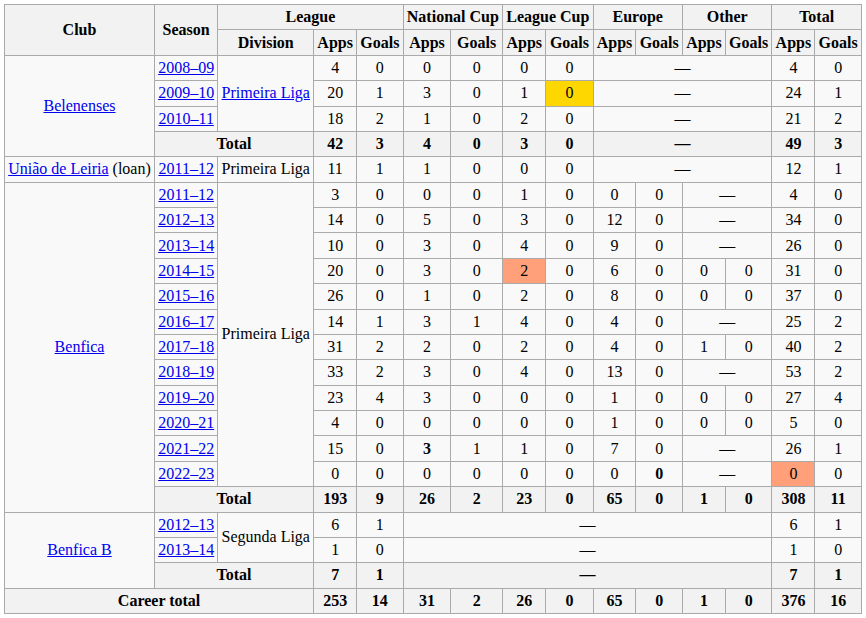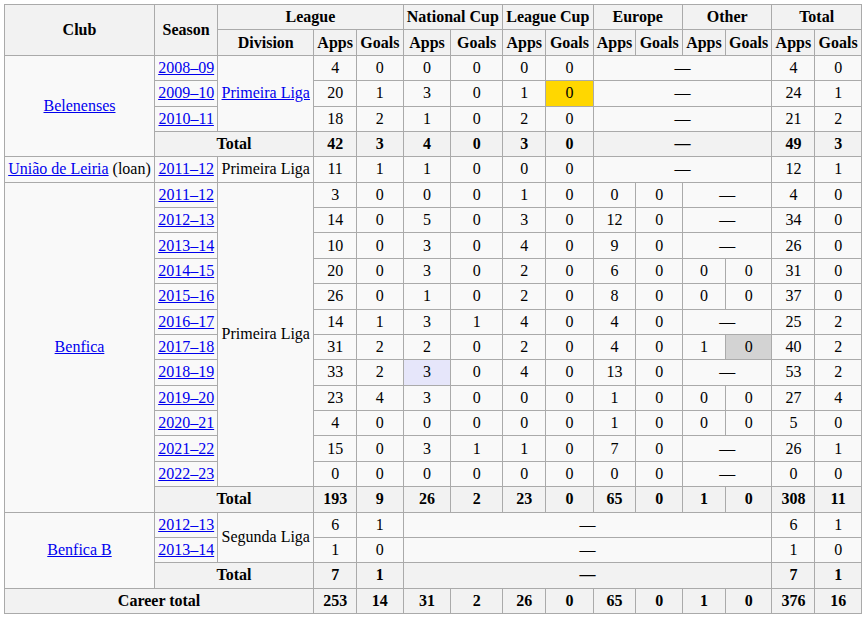 <table class="wikitable" style="text-align: center;">
 <tr>
 <th rowspan="2">Club</th>
 <th rowspan="2">Season</th>
 <th colspan="3">League</th>
 <th colspan="2">National Cup</th>
 <th colspan="2">League Cup</th>
 <th colspan="2">Europe</th>
 <th colspan="2">Other</th>
 <th colspan="2">Total</th>
 </tr>
 <tr>
 <th>Division</th>
 <th>Apps</th>
 <th>Goals</th>
 <th>Apps</th>
 <th>Goals</th>
 <th>Apps</th>
 <th>Goals</th>
 <th>Apps</th>
 <th>Goals</th>
 <th>Apps</th>
 <th>Goals</th>
 <th>Apps</th>
 <th>Goals</th>
 </tr>
 <tr>
 <td rowspan="4"><a href='#'>Belenenses</a></td>
 <td><a href='#'>2008–09</a></td>
 <td rowspan="3"><a href='#'>Primeira Liga</a></td>
 <td>4</td>
 <td>0</td>
 <td>0</td>
 <td>0</td>
 <td>0</td>
 <td>0</td>
 <td colspan="4">—</td>
 <td>4</td>
 <td>0</td>
 </tr>
 <tr>
 <td><a href='#'>2009–10</a></td>
 <td>20</td>
 <td>1</td>
 <td>3</td>
 <td>0</td>
 <td>1</td>
 <td style="background: gold;">0</td>
 <td colspan="4">—</td>
 <td>24</td>
 <td>1</td>
 </tr>
 <tr>
 <td><a href='#'>2010–11</a></td>
 <td>18</td>
 <td>2</td>
 <td>1</td>
 <td>0</td>
 <td>2</td>
 <td>0</td>
 <td colspan="4">—</td>
 <td>21</td>
 <td>2</td>
 </tr>
 <tr>
 <th colspan="2">Total</th>
 <th>42</th>
 <th>3</th>
 <th>4</th>
 <th>0</th>
 <th>3</th>
 <th>0</th>
 <th colspan="4">—</th>
 <th>49</th>
 <th>3</th>
 </tr>
 <tr>
 <td><a href='#'>União de Leiria</a> (loan)</td>
 <td><a href='#'>2011–12</a></td>
 <td>Primeira Liga</td>
 <td>11</td>
 <td>1</td>
 <td>1</td>
 <td>0</td>
 <td>0</td>
 <td>0</td>
 <td colspan="4">—</td>
 <td>12</td>
 <td>1</td>
 </tr>
 <tr>
 <td rowspan="13"><a href='#'>Benfica</a></td>
 <td><a href='#'>2011–12</a></td>
 <td rowspan="12">Primeira Liga</td>
 <td>3</td>
 <td>0</td>
 <td>0</td>
 <td>0</td>
 <td>1</td>
 <td>0</td>
 <td>0</td>
 <td>0</td>
 <td colspan="2">—</td>
 <td>4</td>
 <td>0</td>
 </tr>
 <tr>
 <td><a href='#'>2012–13</a></td>
 <td>14</td>
 <td>0</td>
 <td>5</td>
 <td>0</td>
 <td>3</td>
 <td>0</td>
 <td>12</td>
 <td>0</td>
 <td colspan="2">—</td>
 <td>34</td>
 <td>0</td>
 </tr>
 <tr>
 <td><a href='#'>2013–14</a></td>
 <td>10</td>
 <td>0</td>
 <td>3</td>
 <td>0</td>
 <td>4</td>
 <td>0</td>
 <td>9</td>
 <td>0</td>
 <td colspan="2">—</td>
 <td>26</td>
 <td>0</td>
 </tr>
 <tr>
 <td><a href='#'>2014–15</a></td>
 <td>20</td>
 <td>0</td>
 <td>3</td>
 <td>0</td>
-<td style="background: lightsalmon;">2</td>
+<td>2</td>
 <td>0</td>
 <td>6</td>
 <td>0</td>
 <td>0</td>
 <td>0</td>
 <td>31</td>
 <td>0</td>
 </tr>
 <tr>
 <td><a href='#'>2015–16</a></td>
 <td>26</td>
 <td>0</td>
 <td>1</td>
 <td>0</td>
 <td>2</td>
 <td>0</td>
 <td>8</td>
 <td>0</td>
 <td>0</td>
 <td>0</td>
 <td>37</td>
 <td>0</td>
 </tr>
 <tr>
 <td><a href='#'>2016–17</a></td>
 <td>14</td>
 <td>1</td>
 <td>3</td>
 <td>1</td>
 <td>4</td>
 <td>0</td>
 <td>4</td>
 <td>0</td>
 <td colspan="2">—</td>
 <td>25</td>
 <td>2</td>
 </tr>
 <tr>
 <td><a href='#'>2017–18</a></td>
 <td>31</td>
 <td>2</td>
 <td>2</td>
 <td>0</td>
 <td>2</td>
 <td>0</td>
 <td>4</td>
 <td>0</td>
 <td>1</td>
-<td>0</td>
+<td style="background: lightgrey;">0</td>
 <td>40</td>
 <td>2</td>
 </tr>
 <tr>
 <td><a href='#'>2018–19</a></td>
 <td>33</td>
 <td>2</td>
-<td>3</td>
+<td style="background: lavender;">3</td>
 <td>0</td>
 <td>4</td>
 <td>0</td>
 <td>13</td>
 <td>0</td>
 <td colspan="2">—</td>
 <td>53</td>
 <td>2</td>
 </tr>
 <tr>
 <td><a href='#'>2019–20</a></td>
 <td>23</td>
 <td>4</td>
 <td>3</td>
 <td>0</td>
 <td>0</td>
 <td>0</td>
 <td>1</td>
 <td>0</td>
 <td>0</td>
 <td>0</td>
 <td>27</td>
 <td>4</td>
 </tr>
 <tr>
 <td><a href='#'>2020–21</a></td>
 <td>4</td>
 <td>0</td>
 <td>0</td>
 <td>0</td>
 <td>0</td>
 <td>0</td>
 <td>1</td>
 <td>0</td>
 <td>0</td>
 <td>0</td>
 <td>5</td>
 <td>0</td>
 </tr>
 <tr>
 <td><a href='#'>2021–22</a></td>
 <td>15</td>
 <td>0</td>
-<td><strong>3</strong></td>
+<td>3</td>
 <td>1</td>
 <td>1</td>
 <td>0</td>
 <td>7</td>
 <td>0</td>
 <td colspan="2">—</td>
 <td>26</td>
 <td>1</td>
 </tr>
 <tr>
 <td><a href='#'>2022–23</a></td>
 <td>0</td>
 <td>0</td>
 <td>0</td>
 <td>0</td>
 <td>0</td>
 <td>0</td>
 <td>0</td>
-<td><strong>0</strong></td>
+<td>0</td>
 <td colspan="2">—</td>
-<td style="background: lightsalmon;">0</td>
+<td>0</td>
 <td>0</td>
 </tr>
 <tr>
 <th colspan="2">Total</th>
 <th>193</th>
 <th>9</th>
 <th>26</th>
 <th>2</th>
 <th>23</th>
 <th>0</th>
 <th>65</th>
 <th>0</th>
 <th>1</th>
 <th>0</th>
 <th>308</th>
 <th>11</th>
 </tr>
 <tr>
 <td rowspan="3"><a href='#'>Benfica B</a></td>
 <td><a href='#'>2012–13</a></td>
 <td rowspan="2">Segunda Liga</td>
 <td>6</td>
 <td>1</td>
 <td colspan="8">—</td>
 <td>6</td>
 <td>1</td>
 </tr>
 <tr>
 <td><a href='#'>2013–14</a></td>
 <td>1</td>
 <td>0</td>
 <td colspan="8">—</td>
 <td>1</td>
 <td>0</td>
 </tr>
 <tr>
 <th colspan="2">Total</th>
 <th>7</th>
 <th>1</th>
 <th colspan="8">—</th>
 <th>7</th>
 <th>1</th>
 </tr>
 <tr>
 <th colspan="3">Career total</th>
 <th>253</th>
 <th>14</th>
 <th>31</th>
 <th>2</th>
 <th>26</th>
 <th>0</th>
 <th>65</th>
 <th>0</th>
 <th>1</th>
 <th>0</th>
 <th>376</th>
 <th>16</th>
 </tr>
 </table>
